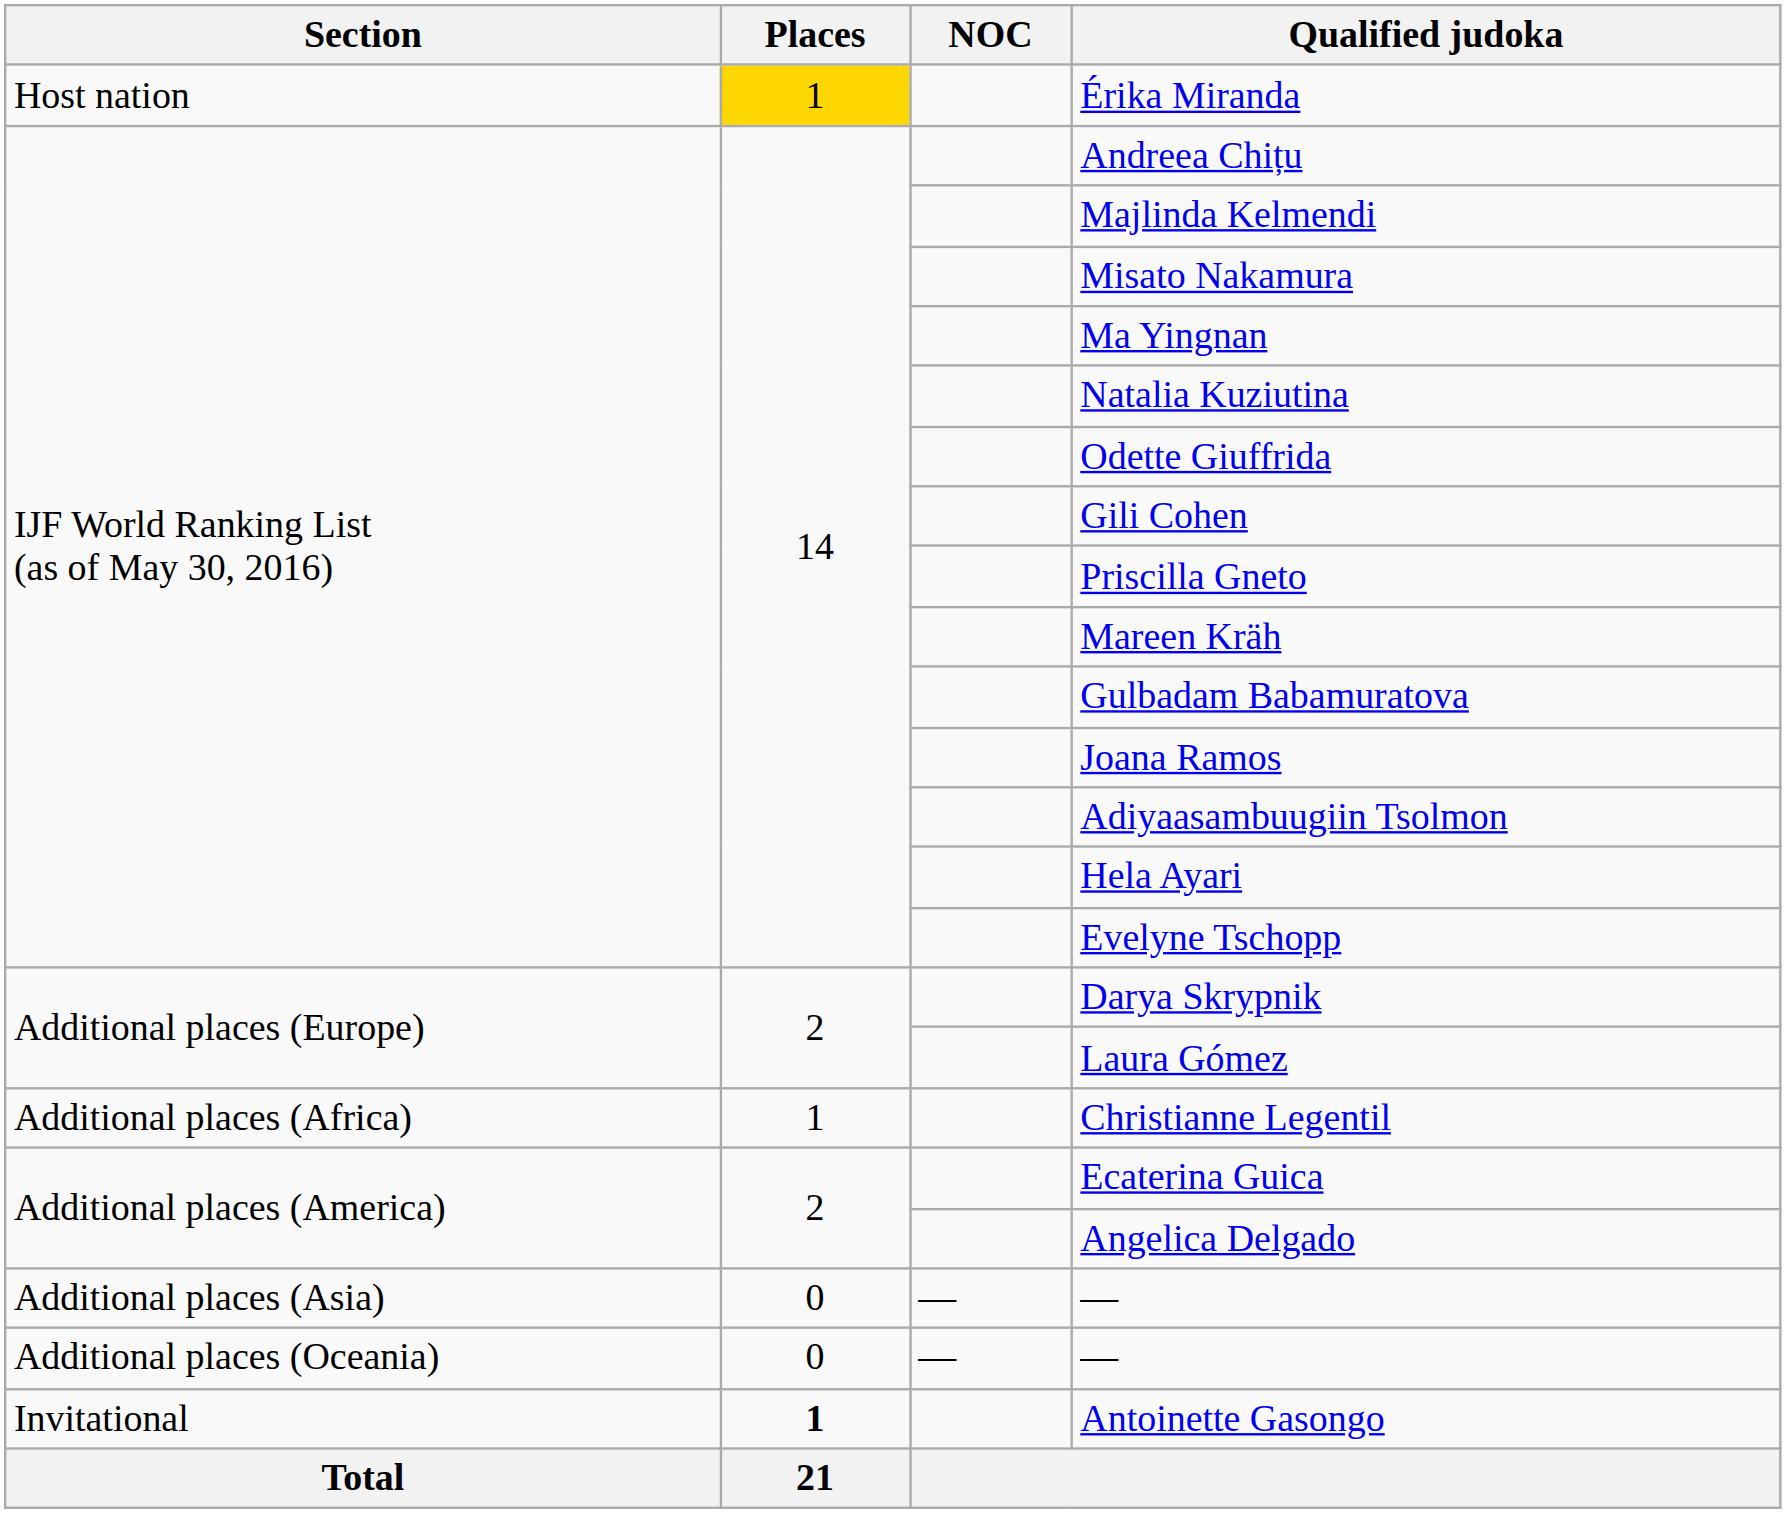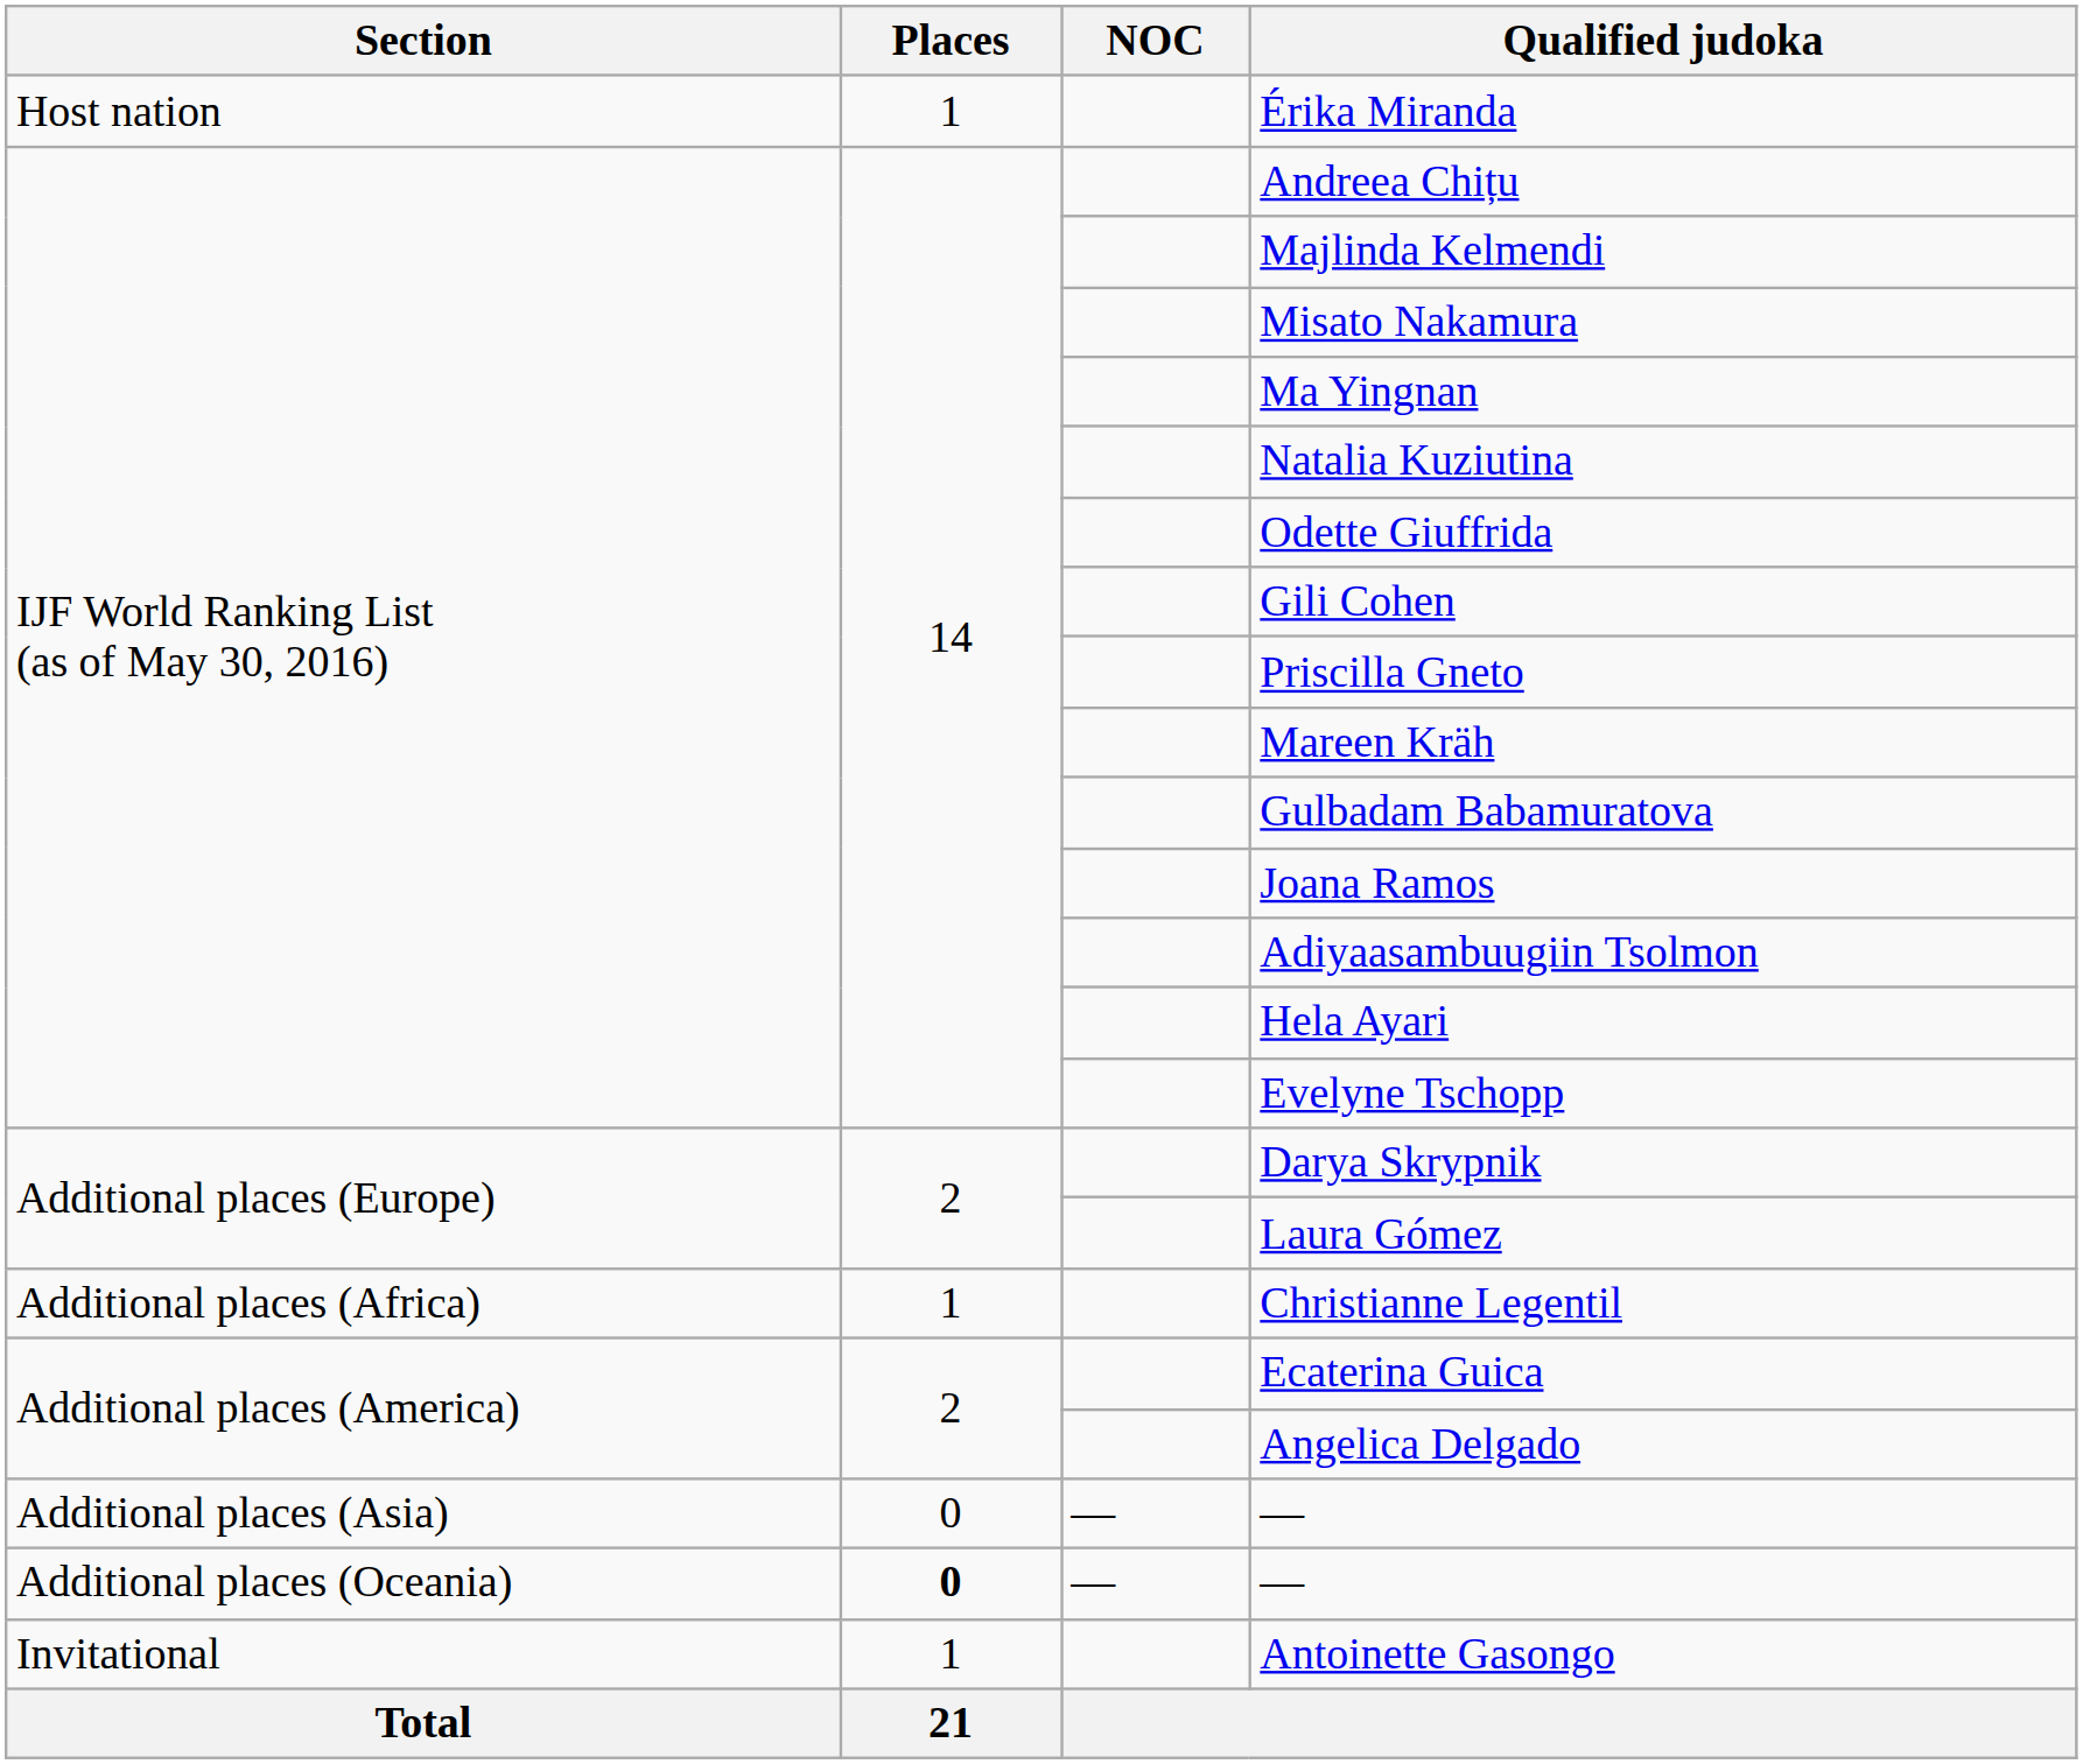 <table class="wikitable"  width=750>
 <tr>
 <th>Section</th>
 <th>Places</th>
 <th>NOC</th>
 <th>Qualified judoka</th>
 </tr>
 <tr>
 <td>Host nation</td>
-<td align=center style="background: gold;">1</td>
+<td align=center>1</td>
 <td></td>
 <td><a href='#'>Érika Miranda</a></td>
 </tr>
 <tr>
 <td rowspan=14>IJF World Ranking List<br>(as of May 30, 2016)</td>
 <td rowspan=14 align=center>14</td>
 <td></td>
 <td><a href='#'>Andreea Chițu</a></td>
 </tr>
 <tr>
 <td></td>
 <td><a href='#'>Majlinda Kelmendi</a></td>
 </tr>
 <tr>
 <td></td>
 <td><a href='#'>Misato Nakamura</a></td>
 </tr>
 <tr>
 <td></td>
 <td><a href='#'>Ma Yingnan</a></td>
 </tr>
 <tr>
 <td></td>
 <td><a href='#'>Natalia Kuziutina</a></td>
 </tr>
 <tr>
 <td></td>
 <td><a href='#'>Odette Giuffrida</a></td>
 </tr>
 <tr>
 <td></td>
 <td><a href='#'>Gili Cohen</a></td>
 </tr>
 <tr>
 <td></td>
 <td><a href='#'>Priscilla Gneto</a></td>
 </tr>
 <tr>
 <td></td>
 <td><a href='#'>Mareen Kräh</a></td>
 </tr>
 <tr>
 <td></td>
 <td><a href='#'>Gulbadam Babamuratova</a></td>
 </tr>
 <tr>
 <td></td>
 <td><a href='#'>Joana Ramos</a></td>
 </tr>
 <tr>
 <td></td>
 <td><a href='#'>Adiyaasambuugiin Tsolmon</a></td>
 </tr>
 <tr>
 <td></td>
 <td><a href='#'>Hela Ayari</a></td>
 </tr>
 <tr>
 <td></td>
 <td><a href='#'>Evelyne Tschopp</a></td>
 </tr>
 <tr>
 <td rowspan=2>Additional places (Europe)</td>
 <td rowspan=2 align=center>2</td>
 <td></td>
 <td><a href='#'>Darya Skrypnik</a></td>
 </tr>
 <tr>
 <td></td>
 <td><a href='#'>Laura Gómez</a></td>
 </tr>
 <tr>
 <td>Additional places (Africa)</td>
 <td align=center>1</td>
 <td></td>
 <td><a href='#'>Christianne Legentil</a></td>
 </tr>
 <tr>
 <td rowspan=2>Additional places (America)</td>
 <td rowspan=2 align=center>2</td>
 <td></td>
 <td><a href='#'>Ecaterina Guica</a></td>
 </tr>
 <tr>
 <td></td>
 <td><a href='#'>Angelica Delgado</a></td>
 </tr>
 <tr>
 <td>Additional places (Asia)</td>
 <td align=center>0</td>
 <td>—</td>
 <td>—</td>
 </tr>
 <tr>
 <td>Additional places (Oceania)</td>
-<td align=center>0</td>
+<td align=center><strong>0</strong></td>
 <td>—</td>
 <td>—</td>
 </tr>
 <tr>
 <td>Invitational</td>
-<td align=center><strong>1</strong></td>
+<td align=center>1</td>
 <td></td>
 <td><a href='#'>Antoinette Gasongo</a></td>
 </tr>
 <tr>
 <th>Total</th>
 <th>21</th>
 <th colspan=2></th>
 </tr>
 </table>
